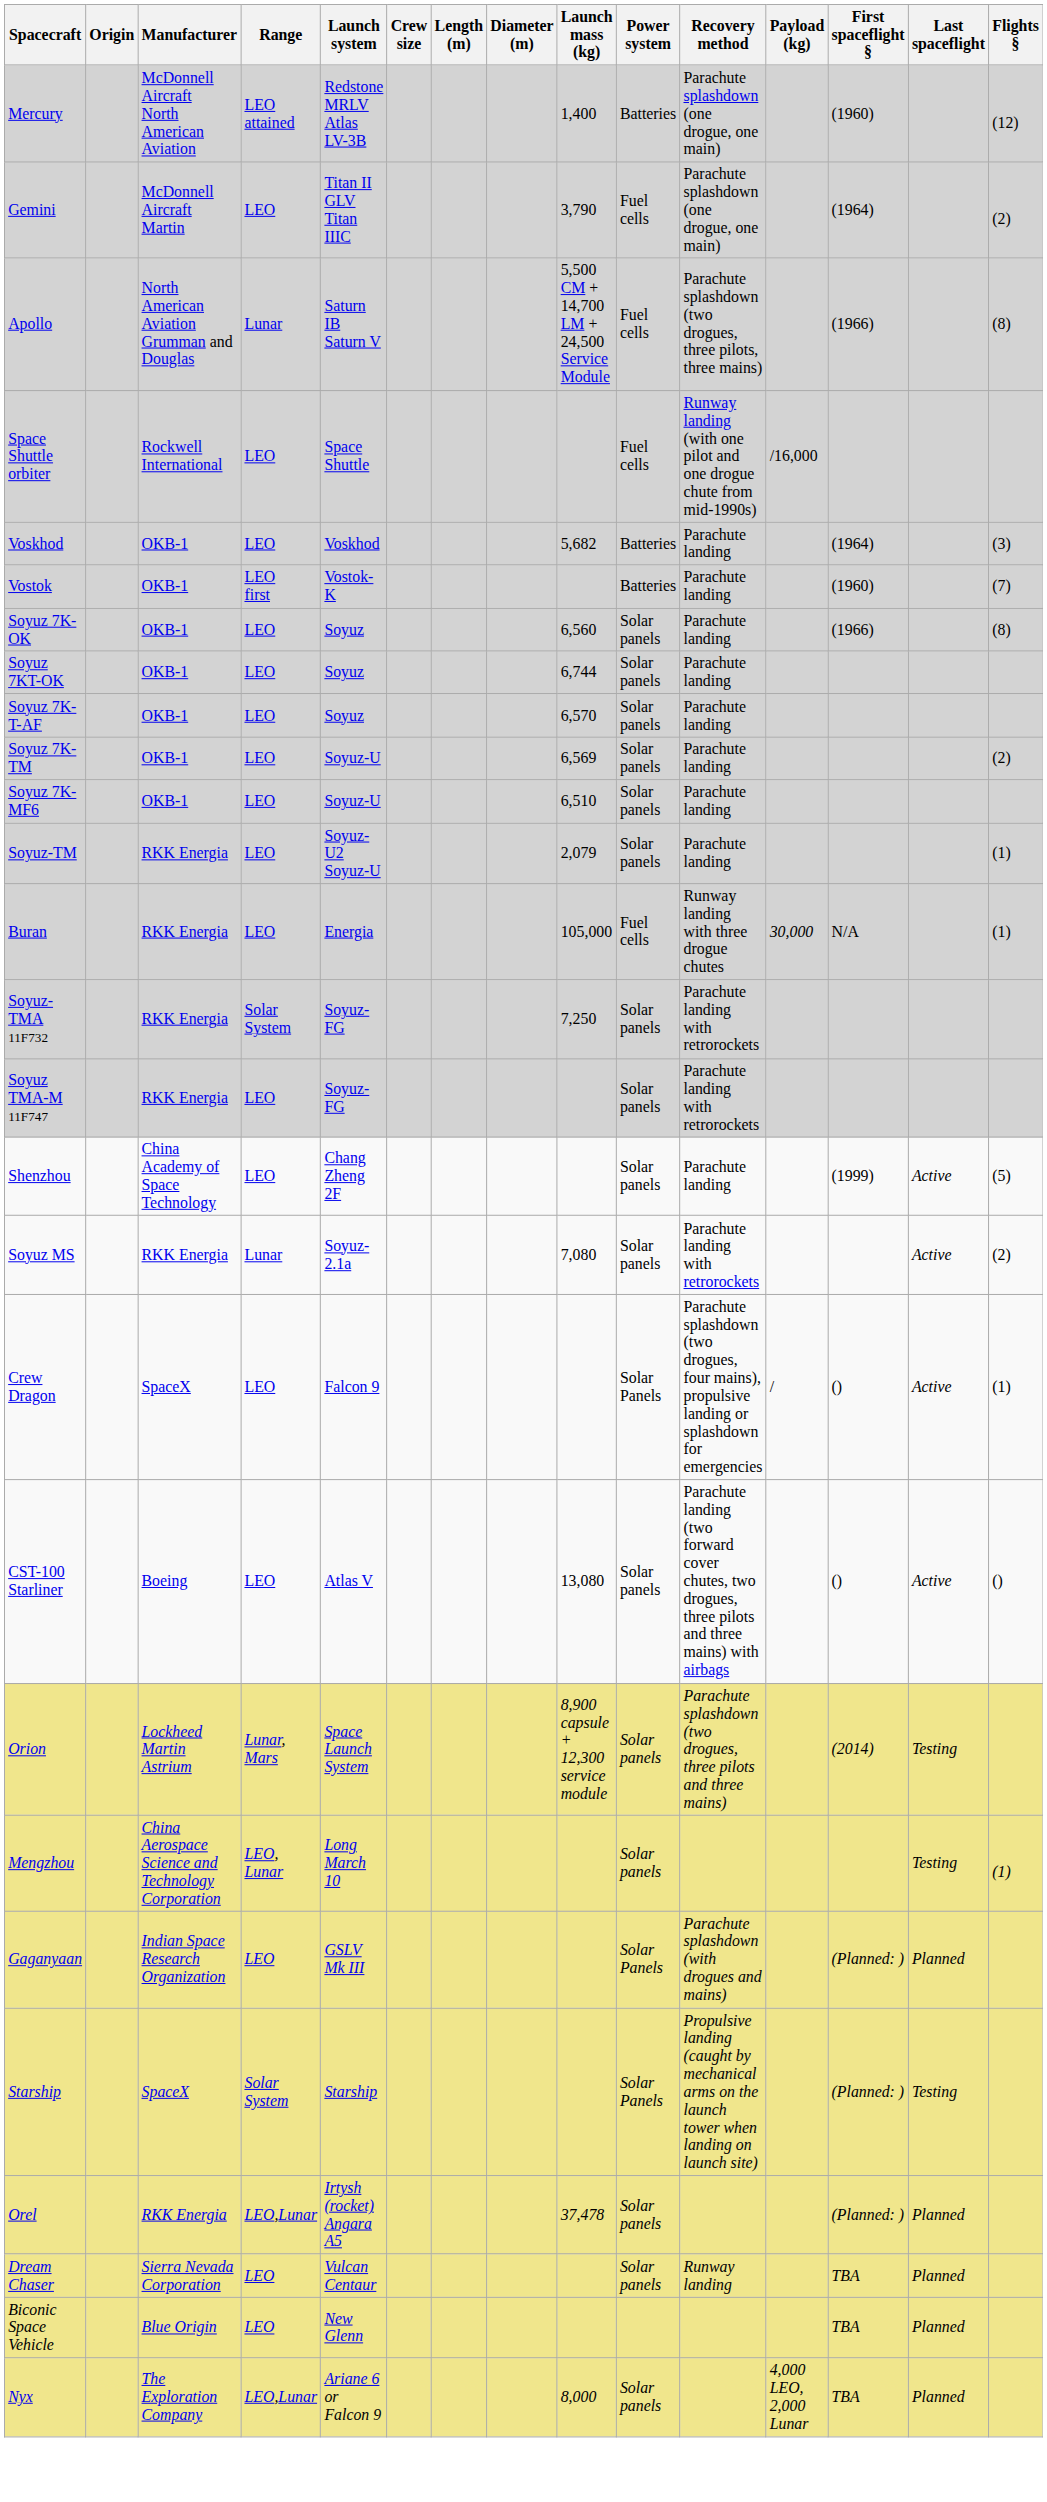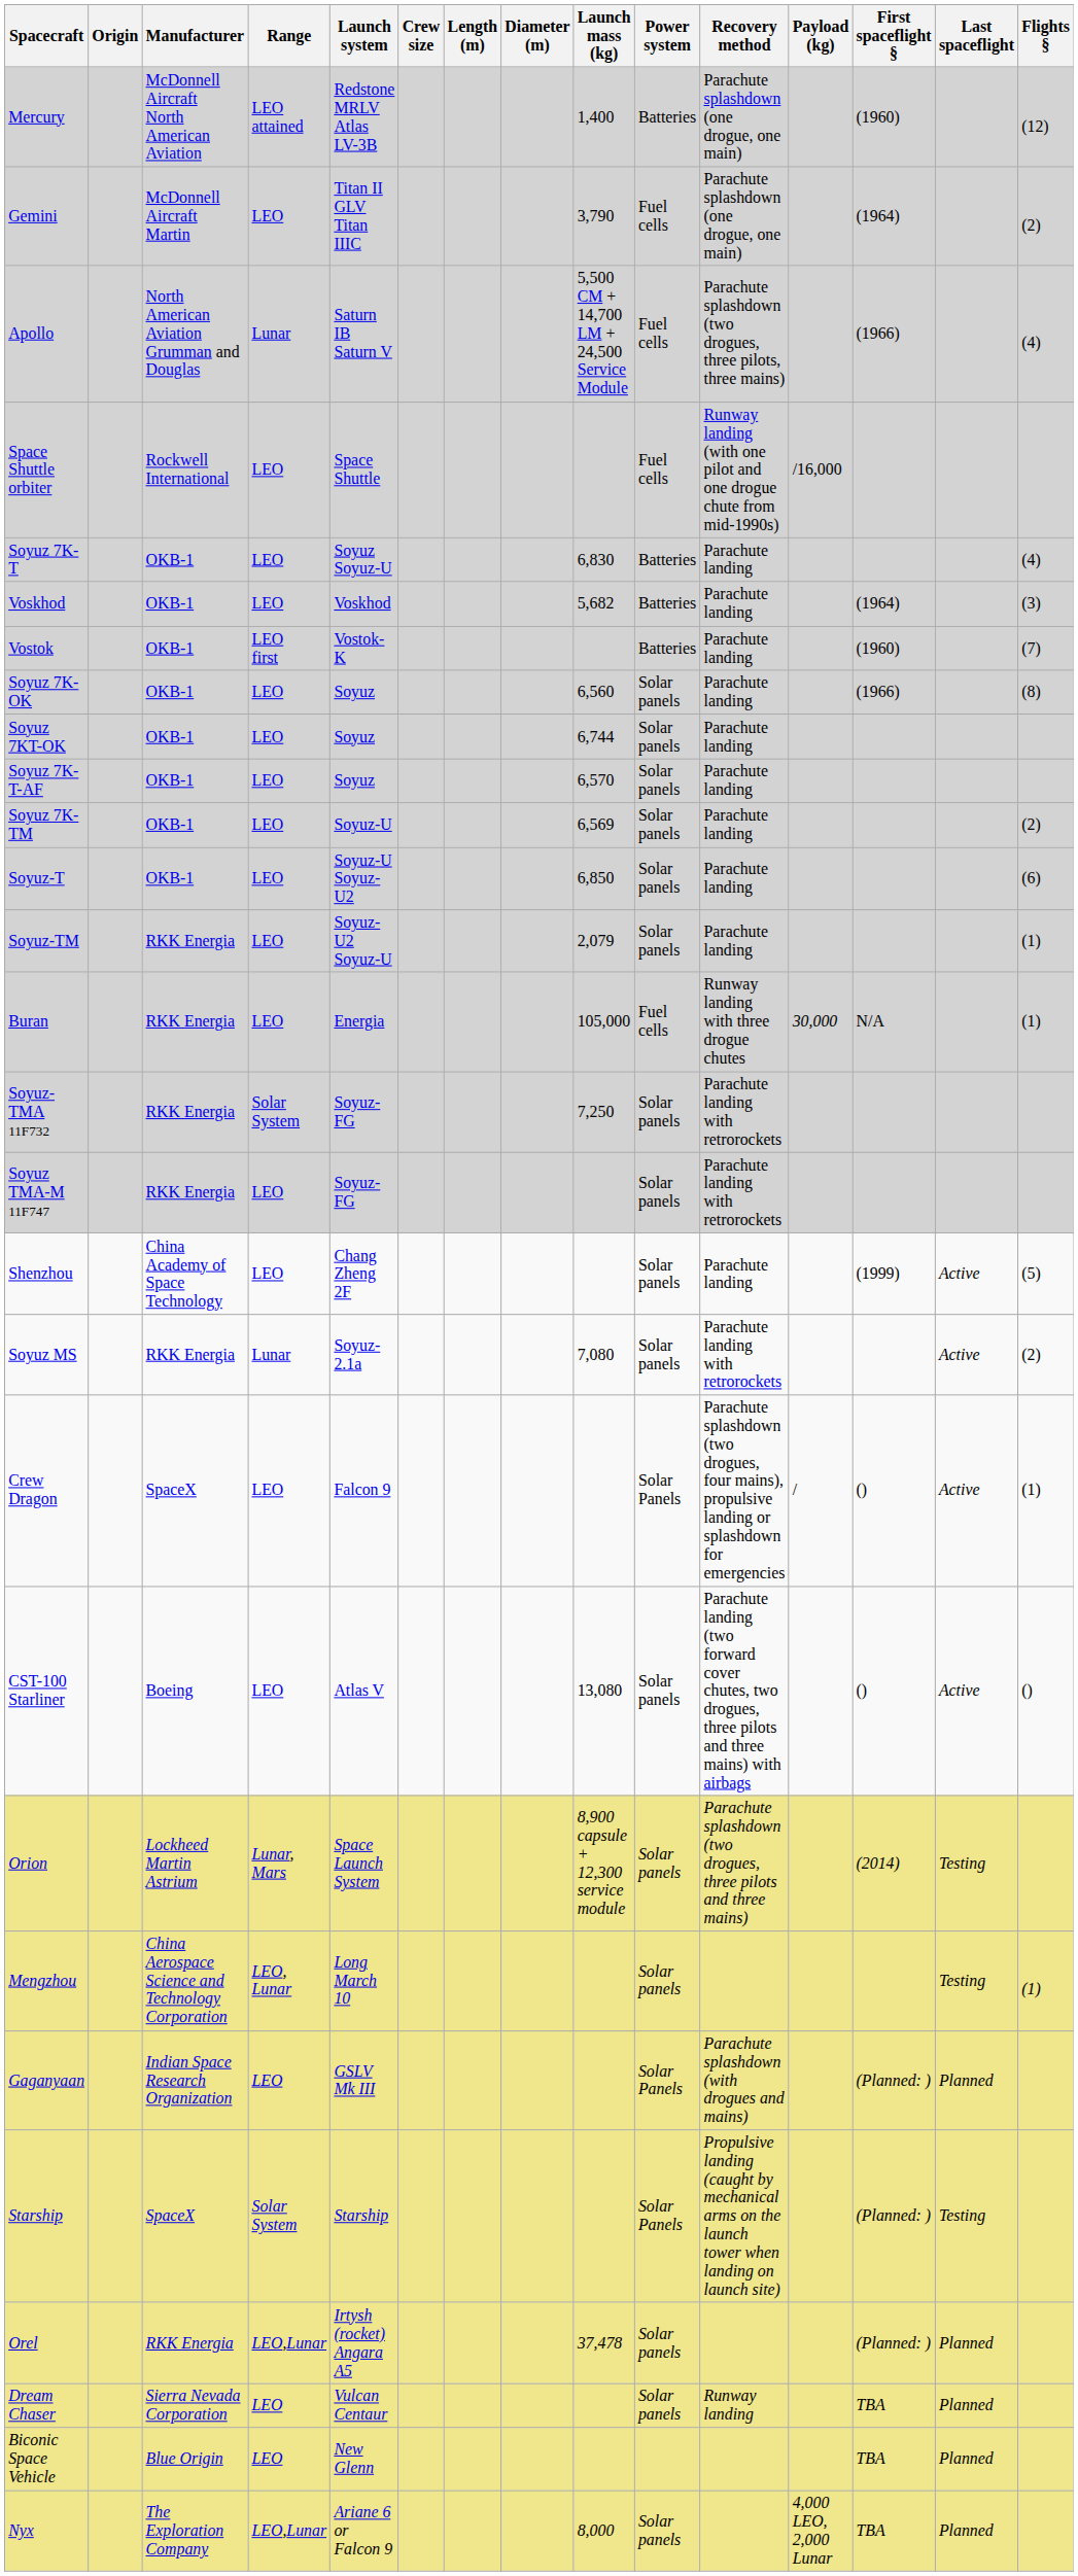 <table class="wikitable sortable">
 <tr>
 <th width=80>Spacecraft</th>
 <th>Origin</th>
 <th>Manufacturer</th>
 <th>Range</th>
 <th>Launch system</th>
 <th>Crew size</th>
 <th>Length (m)</th>
 <th>Diameter (m)</th>
 <th>Launch mass (kg)</th>
 <th>Power system</th>
 <th>Recovery method</th>
 <th>Payload (kg) </th>
 <th>First spaceflight §</th>
 <th>Last spaceflight</th>
 <th>Flights §</th>
 </tr>
 <tr style="background:lightgrey">
 <td><a href='#'>Mercury</a></td>
 <td></td>
 <td><a href='#'>McDonnell Aircraft</a><br><a href='#'>North American Aviation</a></td>
 <td><a href='#'>LEO</a><br><a href='#'>attained</a></td>
 <td><a href='#'>Redstone MRLV</a><br><a href='#'>Atlas LV-3B</a></td>
 <td></td>
 <td></td>
 <td></td>
 <td data-sort-value="1400">1,400</td>
 <td>Batteries</td>
 <td>Parachute <a href='#'>splashdown</a> (one drogue, one main)</td>
 <td></td>
 <td data-sort-value="1961.1"> (1960)</td>
 <td></td>
 <td><br>(12)</td>
 </tr>
 <tr style="background:lightgrey">
 <td><a href='#'>Gemini</a></td>
 <td></td>
 <td><a href='#'>McDonnell Aircraft</a><br><a href='#'>Martin</a></td>
 <td><a href='#'>LEO</a></td>
 <td><a href='#'>Titan II GLV</a><br><a href='#'>Titan IIIC</a></td>
 <td></td>
 <td></td>
 <td></td>
 <td data-sort-value="3790">3,790</td>
 <td>Fuel cells</td>
 <td>Parachute splashdown (one drogue, one main)</td>
 <td></td>
 <td data-sort-value="1965"> (1964)</td>
 <td></td>
 <td><br>(2)</td>
 </tr>
 <tr style="background:lightgrey">
 <td><a href='#'>Apollo</a></td>
 <td></td>
 <td><a href='#'>North American Aviation</a><br><a href='#'>Grumman</a> and <a href='#'>Douglas</a></td>
 <td><a href='#'>Lunar</a></td>
 <td><a href='#'>Saturn IB</a><br><a href='#'>Saturn V</a></td>
 <td></td>
 <td></td>
 <td></td>
 <td> 5,500 <a href='#'>CM</a> + 14,700 <a href='#'>LM</a> + <br>24,500 <a href='#'>Service Module</a></td>
 <td>Fuel cells</td>
 <td>Parachute splashdown (two drogues, three pilots, three mains)</td>
 <td></td>
 <td data-sort-value="1967"> (1966)</td>
 <td></td>
-<td> (8)</td>
+<td><br>(4)</td>
 </tr>
 <tr style="background:lightgrey">
 <td><a href='#'>Space Shuttle orbiter</a></td>
 <td></td>
 <td><a href='#'>Rockwell International</a></td>
 <td><a href='#'>LEO</a></td>
 <td><a href='#'>Space Shuttle</a></td>
 <td></td>
 <td></td>
 <td></td>
 <td></td>
 <td>Fuel cells</td>
 <td><a href='#'>Runway landing</a> (with one pilot and one drogue chute from mid-1990s)</td>
 <td>/16,000</td>
 <td data-sort-value="1981"></td>
 <td></td>
 <td></td>
+</tr>
+<tr style="background:lightgrey">
+<td><a href='#'>Soyuz 7K-T</a></td>
+<td></td>
+<td><a href='#'>OKB-1</a></td>
+<td><a href='#'>LEO</a></td>
+<td><a href='#'>Soyuz</a><br><a href='#'>Soyuz-U</a></td>
+<td></td>
+<td></td>
+<td></td>
+<td data-sort-value="6830">6,830</td>
+<td>Batteries</td>
+<td>Parachute landing</td>
+<td></td>
+<td data-sort-value="1973.1"></td>
+<td></td>
+<td> (4)</td>
 </tr>
 <tr style="background:lightgrey">
 <td><a href='#'>Voskhod</a></td>
 <td></td>
 <td><a href='#'>OKB-1</a></td>
 <td><a href='#'>LEO</a></td>
 <td><a href='#'>Voskhod</a></td>
 <td></td>
 <td></td>
 <td></td>
 <td data-sort-value="5682">5,682</td>
 <td>Batteries</td>
 <td>Parachute landing</td>
 <td></td>
 <td data-sort-value="1964"> (1964)</td>
 <td></td>
 <td> (3)</td>
 </tr>
 <tr style="background:lightgrey">
 <td><a href='#'>Vostok</a></td>
 <td></td>
 <td><a href='#'>OKB-1</a></td>
 <td><a href='#'>LEO</a><br><a href='#'>first</a></td>
 <td><a href='#'>Vostok-K</a></td>
 <td></td>
 <td></td>
 <td></td>
 <td data-sort-value="4725"></td>
 <td>Batteries</td>
 <td>Parachute landing</td>
 <td></td>
 <td data-sort-value="1961.0"> (1960)</td>
 <td></td>
 <td> (7)</td>
 </tr>
 <tr style="background:lightgrey">
 <td><a href='#'>Soyuz 7K-OK</a></td>
 <td></td>
 <td><a href='#'>OKB-1</a></td>
 <td><a href='#'>LEO</a></td>
 <td><a href='#'>Soyuz</a></td>
 <td></td>
 <td></td>
 <td></td>
 <td data-sort-value="6560">6,560</td>
 <td>Solar panels</td>
 <td>Parachute landing</td>
 <td></td>
 <td data-sort-value="1967"> (1966)</td>
 <td></td>
 <td> (8)</td>
 </tr>
 <tr style="background:lightgrey">
 <td><a href='#'>Soyuz 7KT-OK</a></td>
 <td></td>
 <td><a href='#'>OKB-1</a></td>
 <td><a href='#'>LEO</a></td>
 <td><a href='#'>Soyuz</a></td>
 <td></td>
 <td></td>
 <td></td>
 <td data-sort-value="6790">6,744</td>
 <td>Solar panels</td>
 <td>Parachute landing</td>
 <td></td>
 <td data-sort-value="1971"></td>
 <td></td>
 <td></td>
 </tr>
 <tr style="background:lightgrey">
 <td><a href='#'>Soyuz 7K-T-AF</a></td>
 <td></td>
 <td><a href='#'>OKB-1</a></td>
 <td><a href='#'>LEO</a></td>
 <td><a href='#'>Soyuz</a></td>
 <td></td>
 <td></td>
 <td></td>
 <td data-sort-value="6570">6,570</td>
 <td>Solar panels</td>
 <td>Parachute landing</td>
 <td></td>
 <td data-sort-value="1973.0"></td>
 <td></td>
 <td></td>
 </tr>
 <tr style="background:lightgrey">
 <td><a href='#'>Soyuz 7K-TM</a></td>
 <td></td>
 <td><a href='#'>OKB-1</a></td>
 <td><a href='#'>LEO</a></td>
 <td><a href='#'>Soyuz-U</a></td>
 <td></td>
 <td></td>
 <td></td>
 <td data-sort-value="6570">6,569</td>
 <td>Solar panels</td>
 <td>Parachute landing</td>
 <td></td>
 <td data-sort-value="1974"></td>
 <td></td>
 <td> (2)</td>
 </tr>
 <tr style="background:lightgrey">
-<td><a href='#'>Soyuz 7K-MF6</a></td>
+<td><a href='#'>Soyuz-T</a></td>
 <td></td>
 <td><a href='#'>OKB-1</a></td>
 <td><a href='#'>LEO</a></td>
-<td><a href='#'>Soyuz-U</a></td>
+<td><a href='#'>Soyuz-U</a><br><a href='#'>Soyuz-U2</a></td>
 <td></td>
 <td></td>
 <td></td>
-<td data-sort-value="6510">6,510</td>
+<td data-sort-value="6850">6,850</td>
 <td>Solar panels</td>
 <td>Parachute landing</td>
 <td></td>
-<td data-sort-value="1976"></td>
+<td data-sort-value="1978"></td>
 <td></td>
-<td></td>
+<td> (6)</td>
 </tr>
 <tr style="background:lightgrey">
 <td><a href='#'>Soyuz-TM</a></td>
 <td><br></td>
 <td><a href='#'>RKK Energia</a></td>
 <td><a href='#'>LEO</a></td>
 <td><a href='#'>Soyuz-U2</a><br><a href='#'>Soyuz-U</a></td>
 <td></td>
 <td></td>
 <td></td>
 <td data-sort-value="7250">2,079</td>
 <td>Solar panels</td>
 <td>Parachute landing</td>
 <td></td>
 <td data-sort-value="1986"></td>
 <td></td>
 <td> (1)</td>
 </tr>
 <tr style="background:lightgrey">
 <td><a href='#'>Buran</a></td>
 <td></td>
 <td><a href='#'>RKK Energia</a></td>
 <td><a href='#'>LEO</a></td>
 <td><a href='#'>Energia</a></td>
 <td></td>
 <td></td>
 <td> </td>
 <td data-sort-value="105000">105,000</td>
 <td>Fuel cells</td>
 <td>Runway landing with three drogue chutes</td>
 <td data-sort-value="30000"><em>30,000</em> </td>
 <td data-sort-value="(1988)">N/A </td>
 <td></td>
 <td> (1)</td>
 </tr>
 <tr style="background:lightgrey">
 <td><a href='#'>Soyuz-TMA</a><br><small>11F732</small></td>
 <td></td>
 <td><a href='#'>RKK Energia</a></td>
 <td><a href='#'>Solar System</a></td>
 <td><a href='#'>Soyuz-FG</a></td>
 <td></td>
 <td></td>
 <td></td>
 <td data-sort-value="7250">7,250</td>
 <td>Solar panels</td>
 <td>Parachute landing with retrorockets</td>
 <td></td>
 <td data-sort-value="2002"></td>
 <td></td>
 <td></td>
 </tr>
 <tr style="background:lightgrey">
 <td><a href='#'>Soyuz TMA-M</a><br><small>11F747</small></td>
 <td></td>
 <td><a href='#'>RKK Energia</a></td>
 <td><a href='#'>LEO</a></td>
 <td><a href='#'>Soyuz-FG</a></td>
 <td></td>
 <td></td>
 <td></td>
 <td data-sort-value="7150"></td>
 <td>Solar panels</td>
 <td>Parachute landing with retrorockets</td>
 <td></td>
 <td data-sort-value="2010"></td>
 <td></td>
 <td></td>
 </tr>
 <tr>
 <td><a href='#'>Shenzhou</a></td>
 <td></td>
 <td><a href='#'>China Academy of Space Technology</a></td>
 <td><a href='#'>LEO</a></td>
 <td><a href='#'>Chang Zheng 2F</a></td>
 <td></td>
 <td></td>
 <td></td>
 <td data-sort-value="7840"></td>
 <td>Solar panels</td>
 <td>Parachute landing</td>
 <td></td>
 <td data-sort-value="2003"> (1999)</td>
 <td><em>Active</em></td>
 <td> (5)</td>
 </tr>
 <tr>
 <td><a href='#'>Soyuz MS</a><br><small></small></td>
 <td></td>
 <td><a href='#'>RKK Energia</a></td>
 <td><a href='#'>Lunar</a></td>
 <td><a href='#'>Soyuz-2.1a</a></td>
 <td></td>
 <td></td>
 <td></td>
 <td data-sort-value="7080">7,080</td>
 <td>Solar panels</td>
 <td>Parachute landing with <a href='#'>retrorockets</a></td>
 <td></td>
 <td></td>
 <td><em>Active</em></td>
 <td> (2)</td>
 </tr>
 <tr>
 <td><a href='#'>Crew Dragon</a></td>
 <td></td>
 <td><a href='#'>SpaceX</a></td>
 <td><a href='#'>LEO</a></td>
 <td><a href='#'>Falcon 9</a></td>
 <td></td>
 <td></td>
 <td></td>
 <td></td>
 <td>Solar Panels</td>
 <td>Parachute splashdown (two drogues, four mains), propulsive landing or splashdown for emergencies</td>
 <td>/</td>
 <td> ()</td>
 <td><em>Active</em></td>
 <td> (1)</td>
 </tr>
 <tr>
 <td><a href='#'>CST-100 Starliner</a></td>
 <td></td>
 <td><a href='#'>Boeing</a></td>
 <td><a href='#'>LEO</a></td>
 <td><a href='#'>Atlas V</a></td>
 <td> </td>
 <td> </td>
 <td> </td>
 <td data-sort-value="13000">13,080</td>
 <td>Solar panels</td>
 <td>Parachute landing (two forward cover chutes, two drogues, three pilots and three mains) with <a href='#'>airbags</a></td>
 <td></td>
 <td> ()</td>
 <td><em>Active</em></td>
 <td> ()</td>
 </tr>
 <tr style="background:khaki;font-style:italic">
 <td><a href='#'>Orion</a></td>
 <td></td>
 <td><a href='#'>Lockheed Martin</a><br><a href='#'>Astrium</a></td>
 <td><a href='#'>Lunar</a>, <a href='#'>Mars</a></td>
 <td><a href='#'>Space Launch System</a></td>
 <td></td>
 <td></td>
 <td></td>
 <td> 8,900 capsule + <br>12,300 service module</td>
 <td>Solar panels</td>
 <td>Parachute splashdown (two drogues, three pilots and three mains)</td>
 <td></td>
 <td> (2014)</td>
 <td><em>Testing</em></td>
 <td> </td>
 </tr>
 <tr style="background:khaki;font-style:italic">
 <td><a href='#'>Mengzhou</a></td>
 <td></td>
 <td><a href='#'>China Aerospace Science and Technology Corporation</a></td>
 <td><a href='#'>LEO</a>, <a href='#'>Lunar</a></td>
 <td><a href='#'>Long March 10</a></td>
 <td></td>
 <td></td>
 <td></td>
 <td data-sort-value="21600"></td>
 <td>Solar panels</td>
 <td></td>
 <td></td>
 <td data-sort-value="2026"></td>
 <td><em>Testing</em></td>
 <td><br>(1)</td>
 </tr>
 <tr style="background:khaki;font-style:italic">
 <td><a href='#'>Gaganyaan</a></td>
 <td></td>
 <td><a href='#'>Indian Space Research Organization</a></td>
 <td><a href='#'>LEO</a></td>
 <td><a href='#'>GSLV Mk III</a></td>
 <td></td>
 <td></td>
 <td></td>
 <td data-sort-value="7800"></td>
 <td>Solar Panels</td>
 <td>Parachute splashdown (with drogues and mains)</td>
 <td></td>
 <td data-sort-value="2021">(Planned: )</td>
 <td><em>Planned</em></td>
 <td></td>
 </tr>
 <tr style="background:khaki;font-style:italic">
 <td><a href='#'>Starship</a></td>
 <td></td>
 <td><a href='#'>SpaceX</a></td>
 <td><a href='#'>Solar System</a></td>
 <td><a href='#'>Starship</a></td>
 <td> </td>
 <td> </td>
 <td> </td>
 <td> </td>
 <td>Solar Panels</td>
 <td>Propulsive landing (caught by mechanical arms on the launch tower when landing on launch site)</td>
 <td></td>
 <td> (Planned: ) </td>
 <td><em>Testing</em></td>
 <td></td>
 </tr>
 <tr style="background:khaki;font-style:italic">
 <td><a href='#'>Orel</a><br><small></small></td>
 <td></td>
 <td><a href='#'>RKK Energia</a></td>
 <td><a href='#'>LEO</a>,<a href='#'>Lunar</a></td>
 <td><a href='#'>Irtysh (rocket)</a><br><a href='#'>Angara A5</a></td>
 <td></td>
 <td></td>
 <td></td>
 <td data-sort-value="37478">37,478</td>
 <td>Solar panels</td>
 <td></td>
 <td></td>
 <td data-sort-value="2028">(Planned: )</td>
 <td><em>Planned</em></td>
 <td></td>
 </tr>
 <tr style="background:khaki;font-style:italic">
 <td><a href='#'>Dream Chaser</a></td>
 <td></td>
 <td><a href='#'>Sierra Nevada Corporation</a></td>
 <td><a href='#'>LEO</a></td>
 <td><a href='#'>Vulcan Centaur</a></td>
 <td> </td>
 <td> </td>
 <td> </td>
 <td data-sort-value="11300"> </td>
 <td>Solar panels</td>
 <td>Runway landing</td>
 <td></td>
 <td>TBA</td>
 <td><em>Planned</em></td>
 <td></td>
 </tr>
 <tr style="background:khaki;font-style:italic">
 <td>Biconic Space Vehicle</td>
 <td></td>
 <td><a href='#'>Blue Origin</a></td>
 <td><a href='#'>LEO</a></td>
 <td><a href='#'>New Glenn</a></td>
 <td></td>
 <td></td>
 <td></td>
 <td></td>
 <td></td>
 <td></td>
 <td></td>
 <td>TBA</td>
 <td><em>Planned</em></td>
 <td></td>
 </tr>
 <tr style="background:khaki;font-style:italic">
 <td><a href='#'>Nyx</a></td>
 <td>  </td>
 <td><a href='#'>The Exploration Company</a></td>
 <td><a href='#'>LEO</a>,<a href='#'>Lunar</a></td>
 <td><a href='#'>Ariane 6</a> or Falcon 9</td>
 <td></td>
 <td></td>
 <td></td>
 <td data-sort-value="8000">8,000</td>
 <td>Solar panels</td>
 <td></td>
 <td>4,000 LEO, 2,000 Lunar</td>
 <td>TBA</td>
 <td><em>Planned</em></td>
 <td></td>
 </tr>
 </table>
